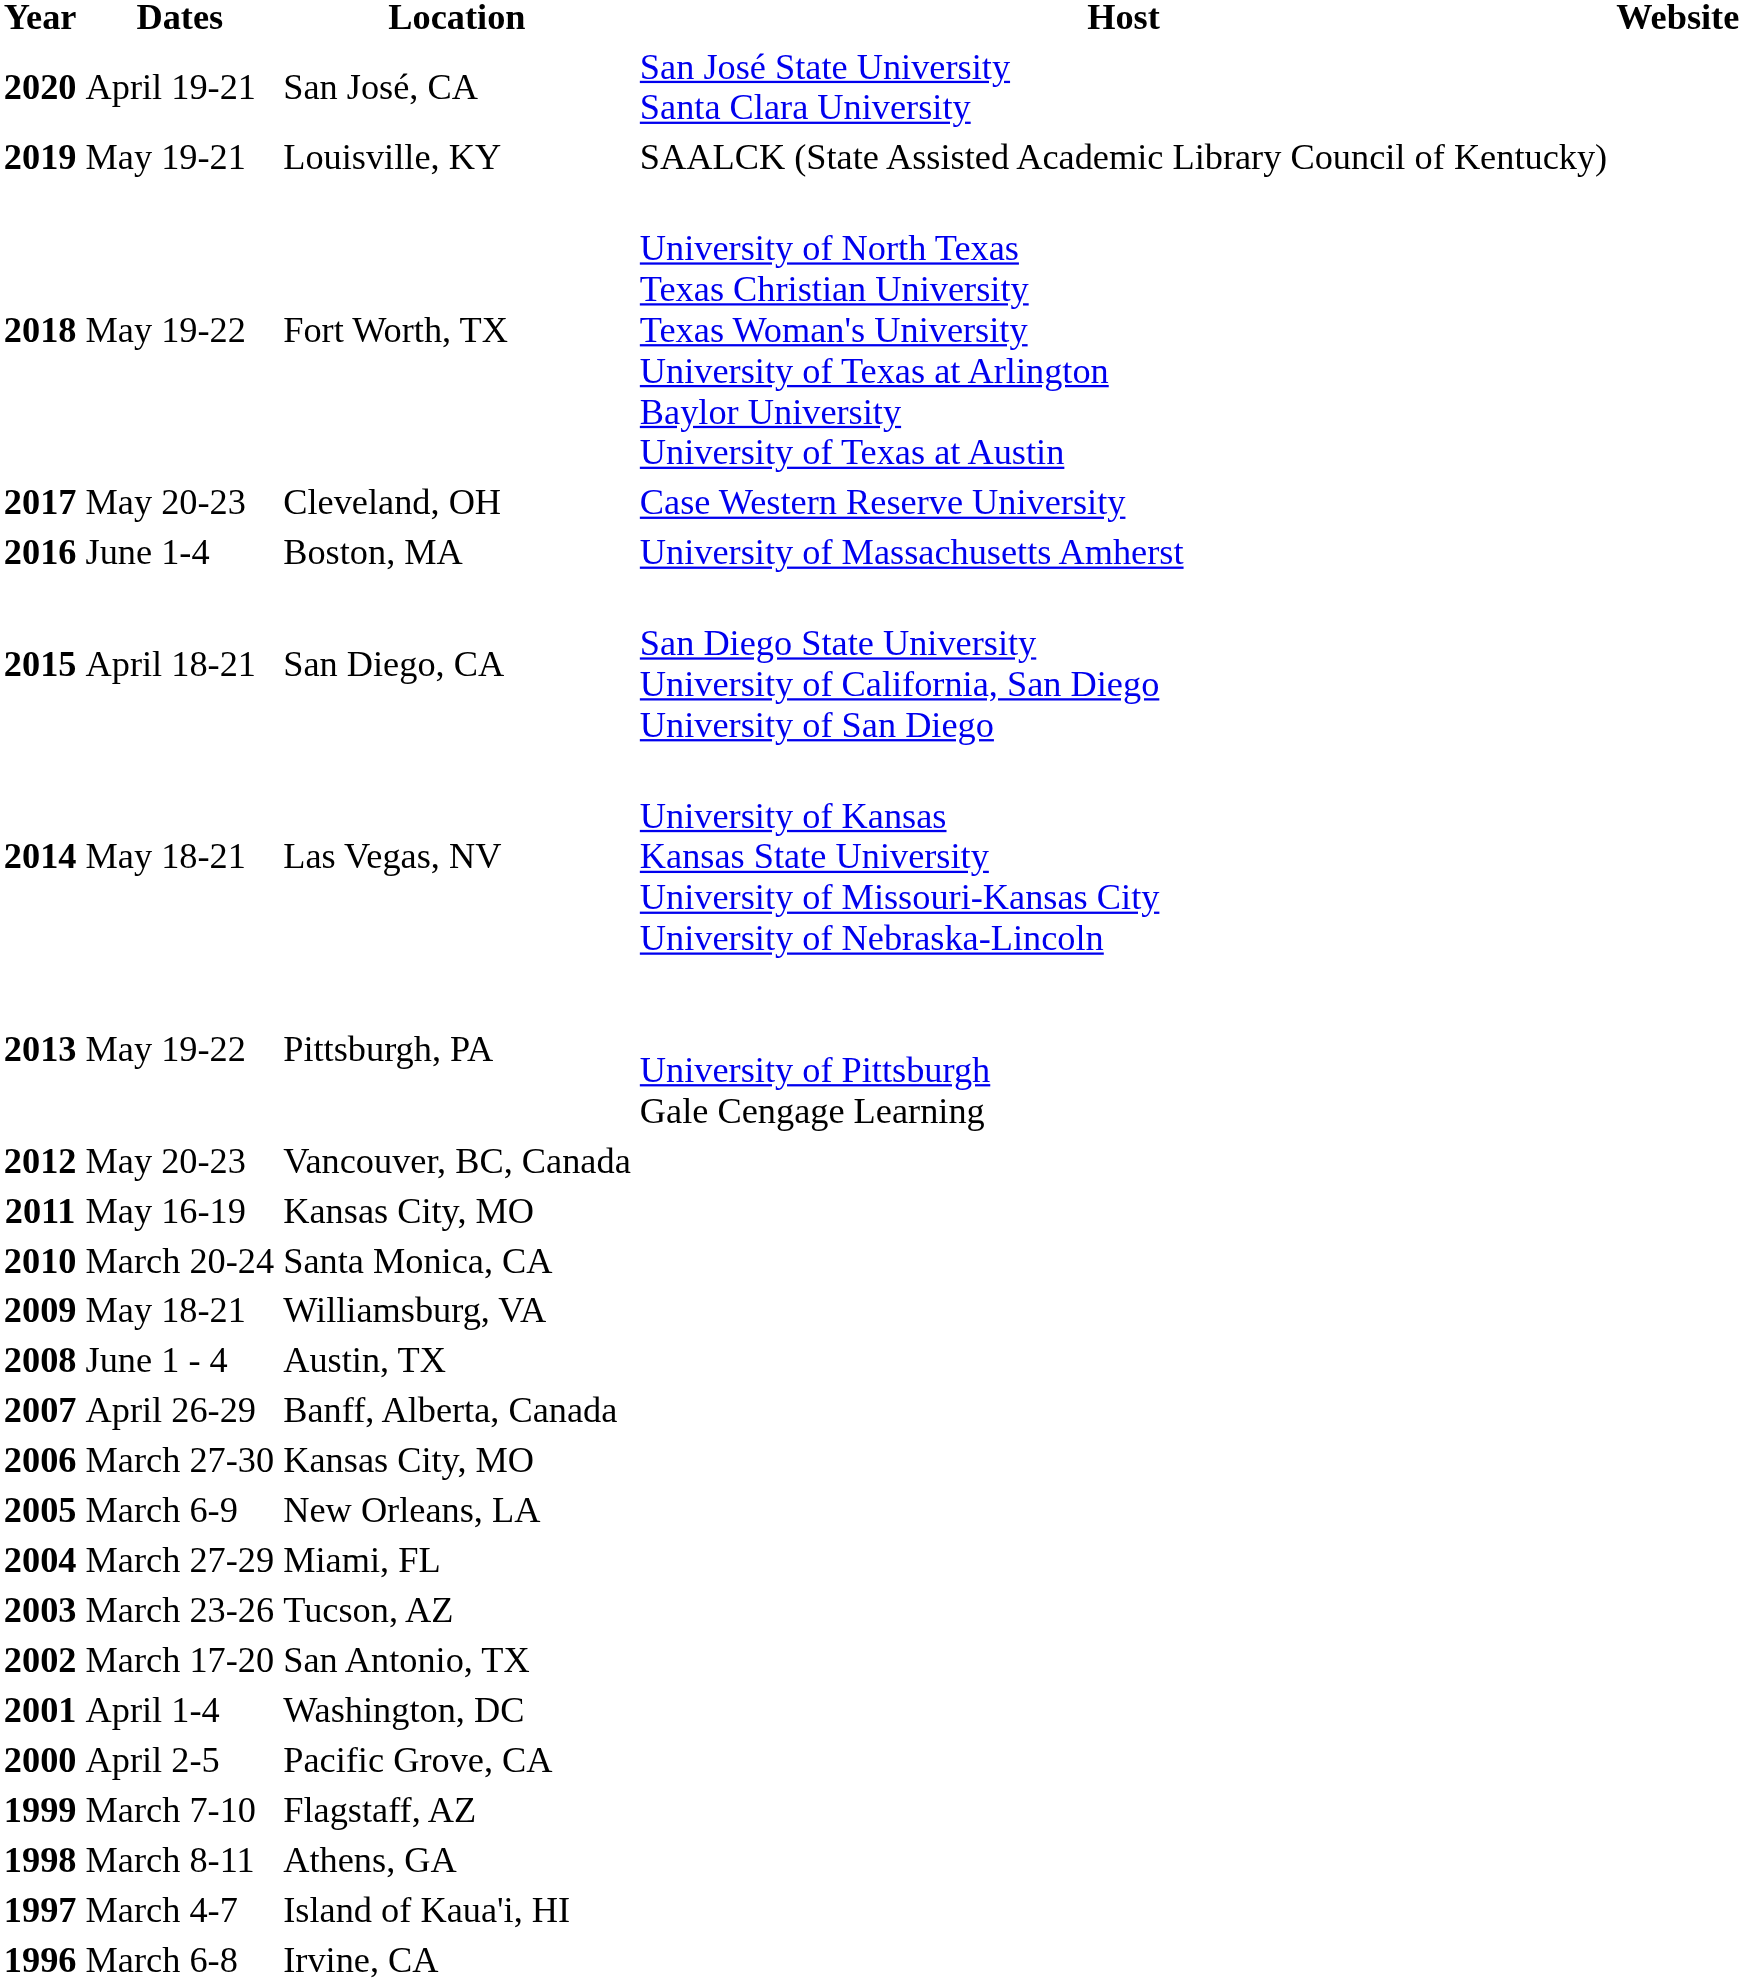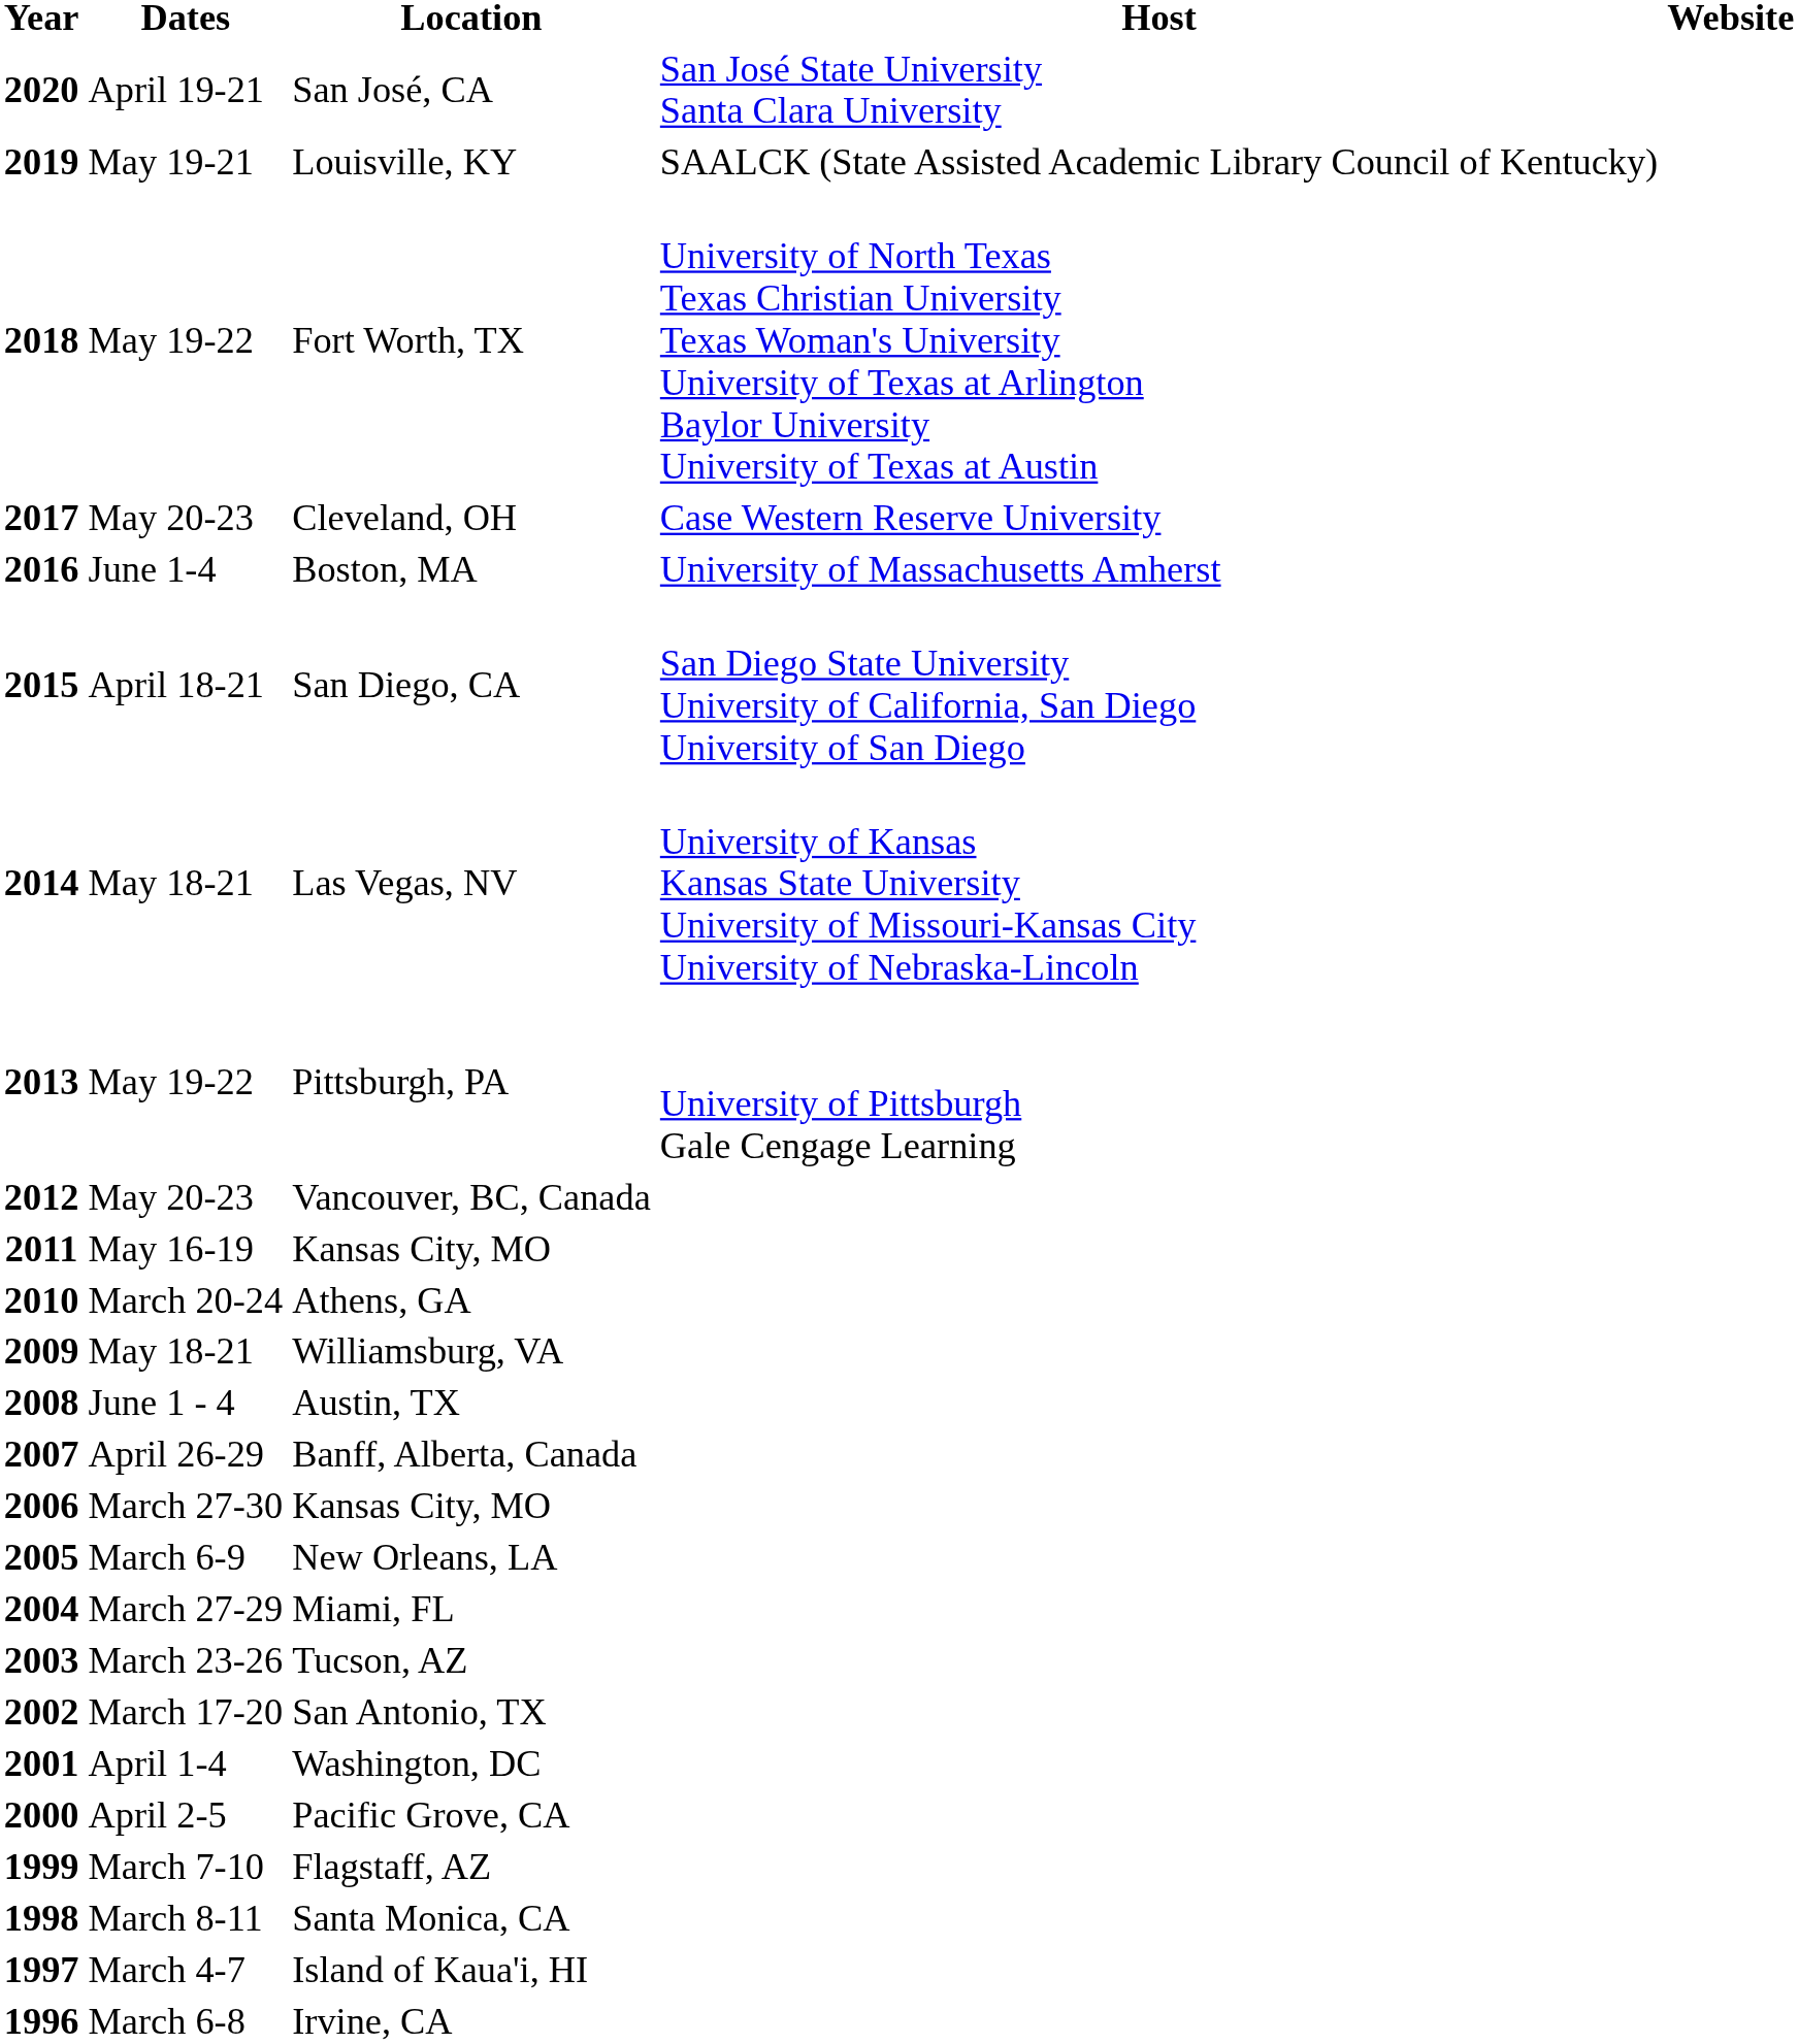 <table>
 <tr>
 <th>Year</th>
 <th>Dates</th>
 <th>Location</th>
 <th>Host</th>
 <th>Website</th>
 </tr>
 <tr>
 <th>2020</th>
 <td>April 19-21</td>
 <td>San José, CA</td>
 <td><a href='#'>San José State University</a><br><a href='#'>Santa Clara University</a></td>
 <td></td>
 </tr>
 <tr>
 <th>2019</th>
 <td>May 19-21</td>
 <td>Louisville, KY</td>
 <td>SAALCK (State Assisted Academic Library Council of Kentucky)</td>
 <td></td>
 </tr>
 <tr>
 <th>2018</th>
 <td>May 19-22</td>
 <td>Fort Worth, TX</td>
 <td><br><a href='#'>University of North Texas</a><br> <a href='#'>Texas Christian University</a><br> <a href='#'>Texas Woman's University</a><br> <a href='#'>University of Texas at Arlington</a><br> <a href='#'>Baylor University</a><br> <a href='#'>University of Texas at Austin</a></td>
 <td></td>
 </tr>
 <tr>
 <th>2017</th>
 <td>May 20-23</td>
 <td>Cleveland, OH</td>
 <td><a href='#'>Case Western Reserve University</a></td>
 <td></td>
 </tr>
 <tr>
 <th>2016</th>
 <td>June 1-4</td>
 <td>Boston, MA</td>
 <td><a href='#'>University of Massachusetts Amherst</a></td>
 <td></td>
 </tr>
 <tr>
 <th>2015</th>
 <td>April 18-21</td>
 <td>San Diego, CA</td>
 <td><br><a href='#'>San Diego State University</a><br> <a href='#'>University of California, San Diego</a><br> <a href='#'>University of San Diego</a></td>
 <td></td>
 </tr>
 <tr>
 <th>2014</th>
 <td>May 18-21</td>
 <td>Las Vegas, NV</td>
 <td><br><a href='#'>University of Kansas</a><br> <a href='#'>Kansas State University</a><br> <a href='#'>University of Missouri-Kansas City</a><br> <a href='#'>University of Nebraska-Lincoln</a></td>
 <td></td>
 </tr>
 <tr>
 <th>2013</th>
 <td>May 19-22</td>
 <td>Pittsburgh, PA</td>
 <td><br><br><a href='#'>University of Pittsburgh</a> <br>Gale Cengage Learning</td>
 <td></td>
 </tr>
 <tr>
 <th>2012</th>
 <td>May 20-23</td>
 <td>Vancouver, BC, Canada</td>
 <td></td>
 <td></td>
 </tr>
 <tr>
 <th>2011</th>
 <td>May 16-19</td>
 <td>Kansas City, MO</td>
 <td></td>
 <td></td>
 </tr>
 <tr>
 <th>2010</th>
 <td>March 20-24</td>
-<td>Santa Monica, CA</td>
+<td>Athens, GA</td>
 <td></td>
 <td></td>
 </tr>
 <tr>
 <th>2009</th>
 <td>May 18-21</td>
 <td>Williamsburg, VA</td>
 <td></td>
 <td></td>
 </tr>
 <tr>
 <th>2008</th>
 <td>June 1 - 4</td>
 <td>Austin, TX</td>
 <td></td>
 <td></td>
 </tr>
 <tr>
 <th>2007</th>
 <td>April 26-29</td>
 <td>Banff, Alberta, Canada</td>
 <td></td>
 <td></td>
 </tr>
 <tr>
 <th>2006</th>
 <td>March 27-30</td>
 <td>Kansas City, MO</td>
 <td></td>
 <td></td>
 </tr>
 <tr>
 <th>2005</th>
 <td>March 6-9</td>
 <td>New Orleans, LA</td>
 <td></td>
 <td></td>
 </tr>
 <tr>
 <th>2004</th>
 <td>March 27-29</td>
 <td>Miami, FL</td>
 <td></td>
 <td></td>
 </tr>
 <tr>
 <th>2003</th>
 <td>March 23-26</td>
 <td>Tucson, AZ</td>
 <td></td>
 <td></td>
 </tr>
 <tr>
 <th>2002</th>
 <td>March 17-20</td>
 <td>San Antonio, TX</td>
 <td></td>
 <td></td>
 </tr>
 <tr>
 <th>2001</th>
 <td>April 1-4</td>
 <td>Washington, DC</td>
 <td></td>
 <td></td>
 </tr>
 <tr>
 <th>2000</th>
 <td>April 2-5</td>
 <td>Pacific Grove, CA</td>
 <td></td>
 <td></td>
 </tr>
 <tr>
 <th>1999</th>
 <td>March 7-10</td>
 <td>Flagstaff, AZ</td>
 <td></td>
 <td></td>
 </tr>
 <tr>
 <th>1998</th>
 <td>March 8-11</td>
-<td>Athens, GA</td>
+<td>Santa Monica, CA</td>
 <td></td>
 <td></td>
 </tr>
 <tr>
 <th>1997</th>
 <td>March 4-7</td>
 <td>Island of Kaua'i, HI</td>
 <td></td>
 <td></td>
 </tr>
 <tr>
 <th>1996</th>
 <td>March 6-8</td>
 <td>Irvine, CA</td>
 <td></td>
 <td></td>
 </tr>
 <tr>
 </tr>
 </table>
